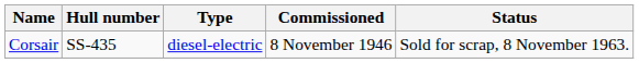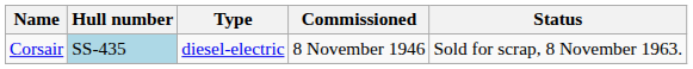 <table class="wikitable">
 <tr>
 <th><strong>Name</strong></th>
 <th>Hull number</th>
 <th>Type</th>
 <th>Commissioned</th>
 <th>Status</th>
 </tr>
 <tr>
 <td><a href='#'>Corsair</a></td>
-<td>SS-435</td>
+<td style="background: lightblue;">SS-435</td>
 <td><a href='#'>diesel-electric</a></td>
 <td>8 November 1946</td>
 <td>Sold for scrap, 8 November 1963.</td>
 </tr>
 <tr>
 </tr>
 </table>
